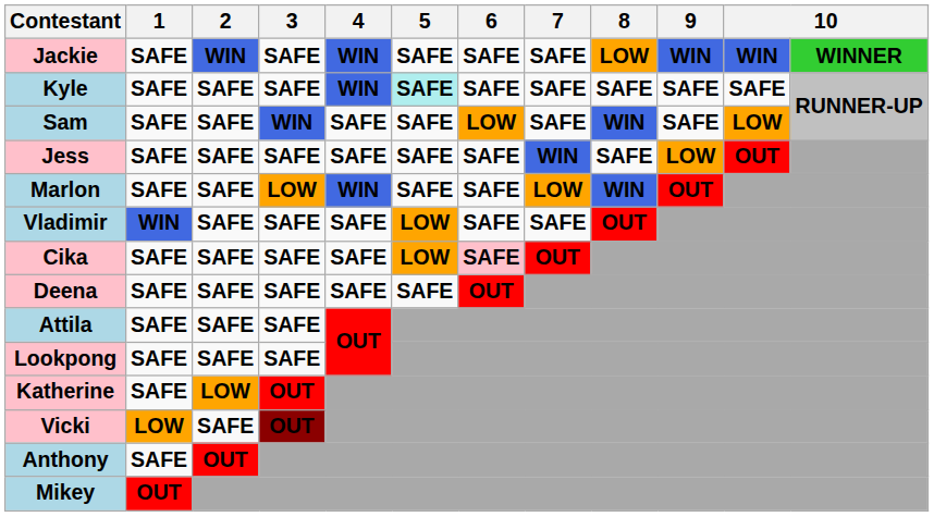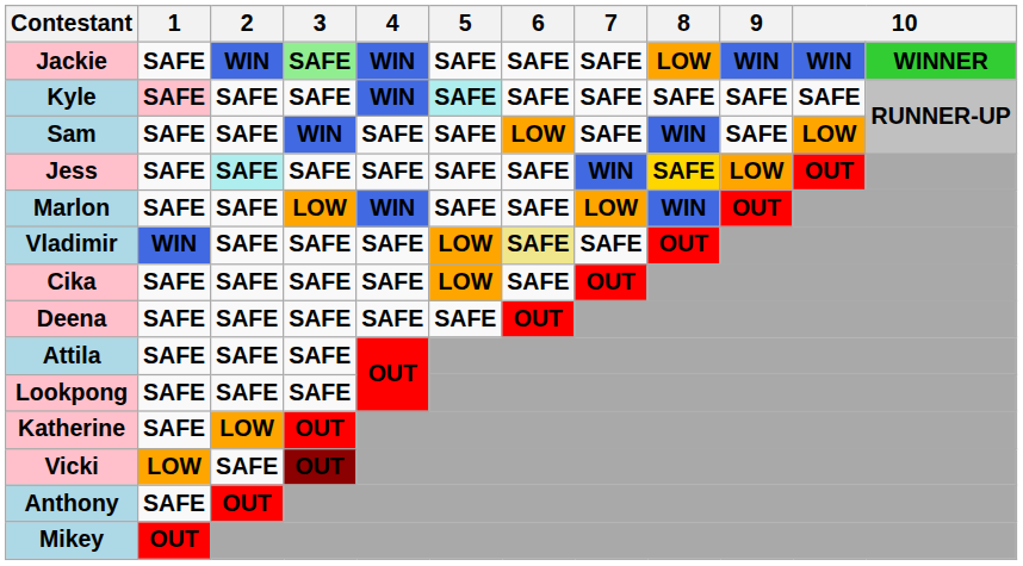 <table class="wikitable" style="text-align:center">
 <tr>
 <th>Contestant</th>
 <th>1</th>
 <th>2</th>
 <th>3</th>
 <th>4</th>
 <th>5</th>
 <th>6</th>
 <th>7</th>
 <th>8</th>
 <th>9</th>
 <th colspan="2">10</th>
 </tr>
 <tr>
 <th style="background:pink;">Jackie</th>
 <td><strong>SAFE</strong></td>
 <td bgcolor="royalblue"><strong>WIN</strong></td>
-<td><strong>SAFE</strong></td>
+<td style="background: lightgreen;"><strong>SAFE</strong></td>
 <td bgcolor="royalblue"><strong>WIN</strong></td>
 <td><strong>SAFE</strong></td>
 <td><strong>SAFE</strong></td>
 <td><strong>SAFE</strong></td>
 <td bgcolor="orange"><strong>LOW</strong></td>
 <td bgcolor="royalblue"><strong>WIN</strong></td>
 <td bgcolor="royalblue"><strong>WIN</strong></td>
 <td bgcolor="limegreen"><strong>WINNER</strong></td>
 </tr>
 <tr>
 <th style="background:lightblue;">Kyle</th>
-<td><strong>SAFE</strong></td>
+<td style="background: pink;"><strong>SAFE</strong></td>
 <td><strong>SAFE</strong></td>
 <td><strong>SAFE</strong></td>
 <td bgcolor="royalblue"><strong>WIN</strong></td>
 <td style="background: paleturquoise;"><strong>SAFE</strong></td>
 <td><strong>SAFE</strong></td>
 <td><strong>SAFE</strong></td>
 <td><strong>SAFE</strong></td>
 <td><strong>SAFE</strong></td>
 <td><strong> SAFE</strong></td>
 <td rowspan=2 bgcolor="silver"><strong>RUNNER-UP</strong></td>
 </tr>
 <tr>
 <th style="background:lightblue;">Sam</th>
 <td><strong>SAFE</strong></td>
 <td><strong>SAFE</strong></td>
 <td bgcolor="royalblue"><strong>WIN</strong></td>
 <td><strong>SAFE</strong></td>
 <td><strong>SAFE</strong></td>
 <td bgcolor="orange"><strong>LOW</strong></td>
 <td><strong>SAFE</strong></td>
 <td bgcolor="royalblue"><strong>WIN</strong></td>
 <td><strong>SAFE</strong></td>
 <td bgcolor="orange"><strong>LOW</strong></td>
 </tr>
 <tr>
 <th style="background:pink;">Jess</th>
 <td><strong>SAFE</strong></td>
-<td><strong>SAFE</strong></td>
+<td style="background: paleturquoise;"><strong>SAFE</strong></td>
 <td><strong>SAFE</strong></td>
 <td><strong>SAFE</strong></td>
 <td><strong>SAFE</strong></td>
 <td><strong>SAFE</strong></td>
 <td bgcolor="royalblue"><strong>WIN</strong></td>
-<td><strong>SAFE</strong></td>
+<td style="background: gold;"><strong>SAFE</strong></td>
 <td bgcolor="orange"><strong>LOW</strong></td>
 <td bgcolor="red"><strong>OUT</strong></td>
 <td colspan=10 style="background:darkgray;"></td>
 </tr>
 <tr>
 <th style="background:lightblue;">Marlon</th>
 <td><strong>SAFE</strong></td>
 <td><strong>SAFE</strong></td>
 <td bgcolor="orange"><strong>LOW</strong></td>
 <td bgcolor="royalblue"><strong>WIN</strong></td>
 <td><strong>SAFE</strong></td>
 <td><strong>SAFE</strong></td>
 <td bgcolor="orange"><strong>LOW</strong></td>
 <td bgcolor="royalblue"><strong>WIN</strong></td>
 <td bgcolor="red"><strong>OUT</strong></td>
 <td colspan=10 style="background:darkgray;"></td>
 </tr>
 <tr>
 <th style="background:lightblue;">Vladimir</th>
 <td bgcolor="royalblue"><strong>WIN</strong></td>
 <td><strong>SAFE</strong></td>
 <td><strong>SAFE</strong></td>
 <td><strong>SAFE</strong></td>
 <td bgcolor="orange"><strong>LOW</strong></td>
-<td><strong>SAFE</strong></td>
+<td style="background: khaki;"><strong>SAFE</strong></td>
 <td><strong>SAFE</strong></td>
 <td bgcolor="red"><strong>OUT</strong></td>
 <td colspan=10 style="background:darkgray;"></td>
 </tr>
 <tr>
 <th style="background:pink;">Cika</th>
 <td><strong>SAFE</strong></td>
 <td><strong>SAFE</strong></td>
 <td><strong>SAFE</strong></td>
 <td><strong>SAFE</strong></td>
 <td bgcolor="orange"><strong>LOW</strong></td>
-<td style="background: pink;"><strong>SAFE</strong></td>
+<td><strong>SAFE</strong></td>
 <td bgcolor="red"><strong>OUT</strong></td>
 <td colspan=10 style="background:darkgray;"></td>
 </tr>
 <tr>
 <th style="background:pink;">Deena</th>
 <td><strong> SAFE</strong></td>
 <td><strong>SAFE</strong></td>
 <td><strong>SAFE</strong></td>
 <td><strong>SAFE</strong></td>
 <td><strong>SAFE</strong></td>
 <td bgcolor="red"><strong>OUT</strong></td>
 <td colspan=10 style="background:darkgray;"></td>
 </tr>
 <tr>
 <th style="background:lightblue;">Attila</th>
 <td><strong>SAFE</strong></td>
 <td><strong>SAFE</strong></td>
 <td><strong>SAFE</strong></td>
 <td rowspan=2 bgcolor="red"><strong>OUT</strong></td>
 <td colspan=10 style="background:darkgray;"></td>
 </tr>
 <tr>
 <th style="background:pink;">Lookpong</th>
 <td><strong>SAFE</strong></td>
 <td><strong>SAFE</strong></td>
 <td><strong>SAFE</strong></td>
 <td colspan=10 style="background:darkgray;"></td>
 </tr>
 <tr>
 <th style="background:pink;">Katherine</th>
 <td><strong>SAFE</strong></td>
 <td bgcolor="orange"><strong>LOW</strong></td>
 <td bgcolor="red"><strong>OUT</strong></td>
 <td colspan=10 style="background:darkgray;"></td>
 </tr>
 <tr>
 <th style="background:pink;">Vicki</th>
 <td bgcolor="orange"><strong>LOW</strong></td>
 <td><strong>SAFE</strong></td>
 <td bgcolor="darkred"><strong>OUT</strong></td>
 <td colspan=10 style="background:darkgray;"></td>
 </tr>
 <tr>
 <th style="background:lightblue;">Anthony</th>
 <td><strong>SAFE</strong></td>
 <td bgcolor="red"><strong>OUT</strong></td>
 <td colspan=10 style="background:darkgray;"></td>
 </tr>
 <tr>
 <th style="background:lightblue;">Mikey</th>
 <td bgcolor="red"><strong>OUT</strong></td>
 <td colspan=10 style="background:darkgray;"></td>
 </tr>
 </table>
